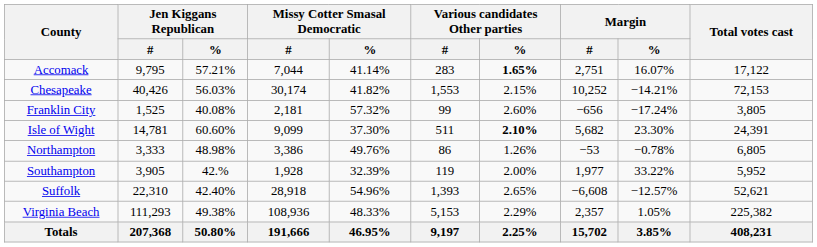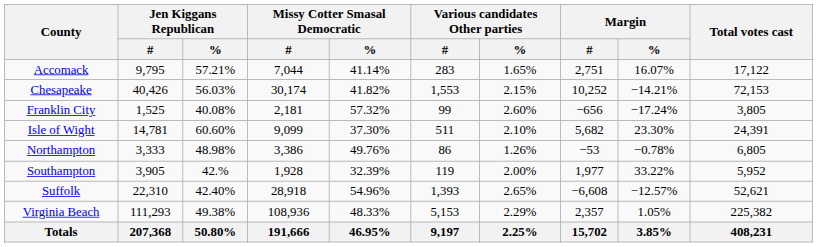 <table width="80%"  class="wikitable sortable" style="text-align:center">
 <tr>
 <th rowspan="2">County</th>
 <th style="text-align:center;" colspan="2">Jen Kiggans<br>Republican</th>
 <th style="text-align:center;" colspan="2">Missy Cotter Smasal<br>Democratic</th>
 <th style="text-align:center;" colspan="2">Various candidates<br>Other parties</th>
 <th style="text-align:center;" colspan="2">Margin</th>
 <th rowspan="2" style="text-align:center;">Total votes cast</th>
 </tr>
 <tr>
 <th style="text-align:center;" data-sort-type="number">#</th>
 <th style="text-align:center;" data-sort-type="number">%</th>
 <th style="text-align:center;" data-sort-type="number">#</th>
 <th style="text-align:center;" data-sort-type="number">%</th>
 <th style="text-align:center;" data-sort-type="number">#</th>
 <th style="text-align:center;" data-sort-type="number">%</th>
 <th style="text-align:center;" data-sort-type="number">#</th>
 <th style="text-align:center;" data-sort-type="number">%</th>
 </tr>
 <tr style="text-align:center;">
 <td><a href='#'>Accomack</a></td>
 <td>9,795</td>
 <td>57.21%</td>
 <td>7,044</td>
 <td>41.14%</td>
 <td>283</td>
-<td><strong>1.65%</strong></td>
+<td>1.65%</td>
 <td>2,751</td>
 <td>16.07%</td>
 <td>17,122</td>
 </tr>
 <tr style="text-align:center;">
 <td><a href='#'>Chesapeake</a></td>
 <td>40,426</td>
 <td>56.03%</td>
 <td>30,174</td>
 <td>41.82%</td>
 <td>1,553</td>
 <td>2.15%</td>
 <td>10,252</td>
 <td>−14.21%</td>
 <td>72,153</td>
 </tr>
 <tr style="text-align:center;">
 <td><a href='#'>Franklin City</a></td>
 <td>1,525</td>
 <td>40.08%</td>
 <td>2,181</td>
 <td>57.32%</td>
 <td>99</td>
 <td>2.60%</td>
 <td>−656</td>
 <td>−17.24%</td>
 <td>3,805</td>
 </tr>
 <tr style="text-align:center;">
 <td><a href='#'>Isle of Wight</a></td>
 <td>14,781</td>
 <td>60.60%</td>
 <td>9,099</td>
 <td>37.30%</td>
 <td>511</td>
-<td><strong>2.10%</strong></td>
+<td>2.10%</td>
 <td>5,682</td>
 <td>23.30%</td>
 <td>24,391</td>
 </tr>
 <tr style="text-align:center;">
 <td><a href='#'>Northampton</a></td>
 <td>3,333</td>
 <td>48.98%</td>
 <td>3,386</td>
 <td>49.76%</td>
 <td>86</td>
 <td>1.26%</td>
 <td>−53</td>
 <td>−0.78%</td>
 <td>6,805</td>
 </tr>
 <tr style="text-align:center;">
 <td><a href='#'>Southampton</a></td>
 <td>3,905</td>
 <td>42.%</td>
 <td>1,928</td>
 <td>32.39%</td>
 <td>119</td>
 <td>2.00%</td>
 <td>1,977</td>
 <td>33.22%</td>
 <td>5,952</td>
 </tr>
 <tr style="text-align:center;">
 <td><a href='#'>Suffolk</a></td>
 <td>22,310</td>
 <td>42.40%</td>
 <td>28,918</td>
 <td>54.96%</td>
 <td>1,393</td>
 <td>2.65%</td>
 <td>−6,608</td>
 <td>−12.57%</td>
 <td>52,621</td>
 </tr>
 <tr style="text-align:center;">
 <td><a href='#'>Virginia Beach</a></td>
 <td>111,293</td>
 <td>49.38%</td>
 <td>108,936</td>
 <td>48.33%</td>
 <td>5,153</td>
 <td>2.29%</td>
 <td>2,357</td>
 <td>1.05%</td>
 <td>225,382</td>
 </tr>
 <tr style="text-align:center;">
 <th>Totals</th>
 <th>207,368</th>
 <th>50.80%</th>
 <th>191,666</th>
 <th>46.95%</th>
 <th>9,197</th>
 <th>2.25%</th>
 <th>15,702</th>
 <th>3.85%</th>
 <th>408,231</th>
 </tr>
 </table>
